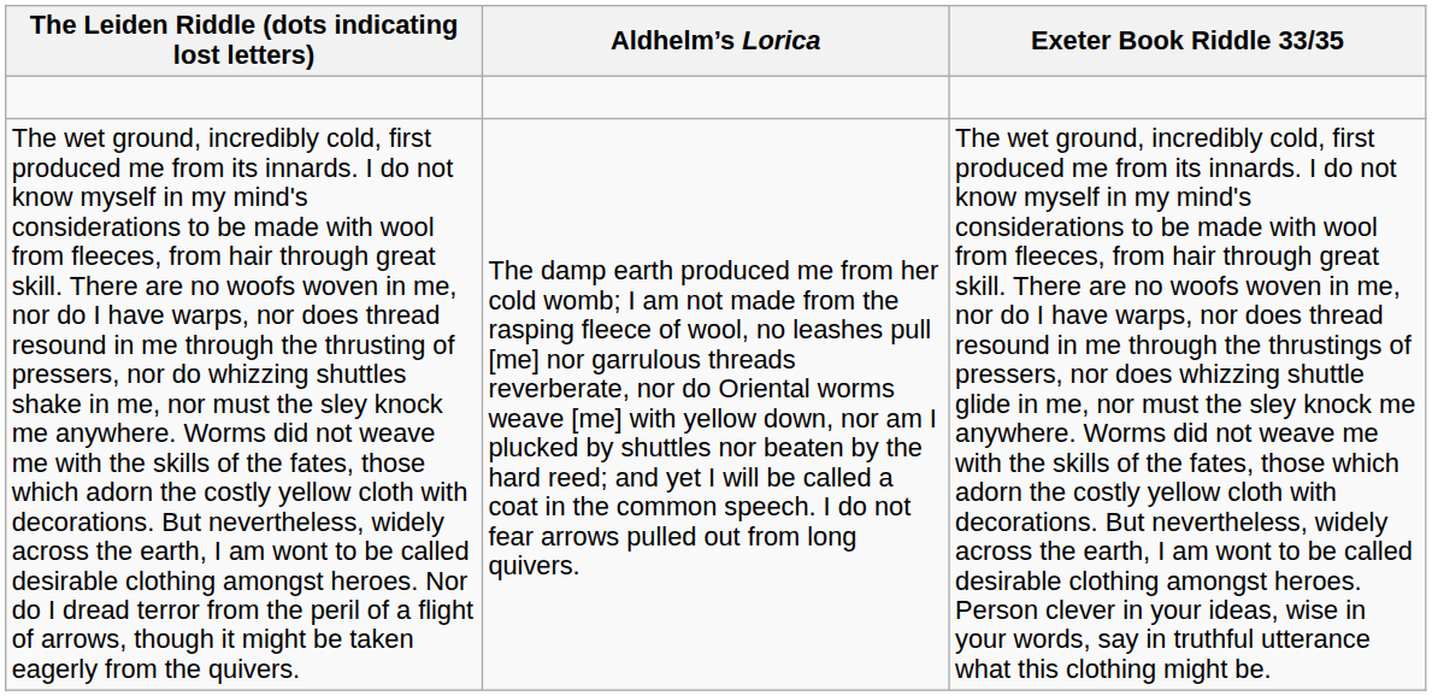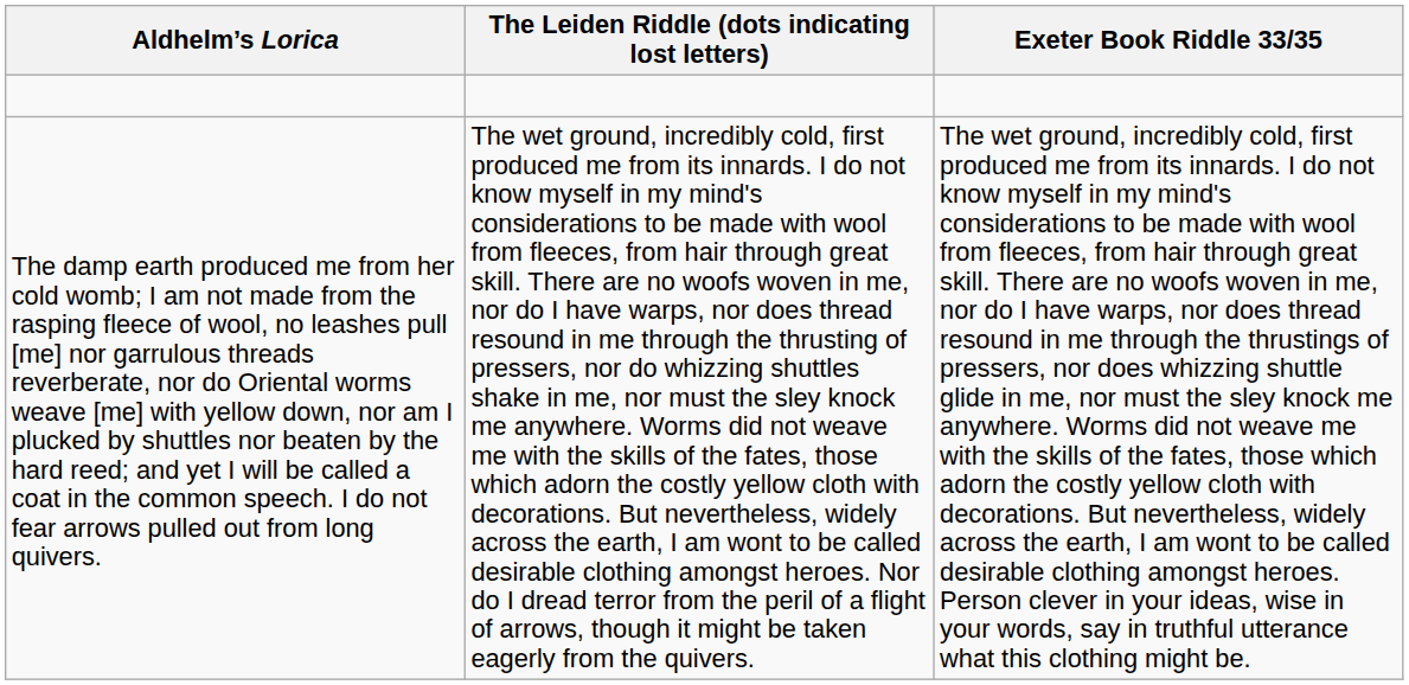 <table class="wikitable">
 <tr>
+<th>Aldhelm’s <em>Lorica</em></th>
 <th>The Leiden Riddle (dots indicating lost letters)</th>
-<th>Aldhelm’s <em>Lorica</em></th>
 <th>Exeter Book Riddle 33/35</th>
 </tr>
 <tr>
 <td style="width: 380px;"><br></td>
 <td style="width: 380px;"><br></td>
 <td style="width: 380px;"><br></td>
 </tr>
 <tr>
+<td><br>The damp earth produced me from her cold womb; I am not made from the rasping fleece of wool, no leashes pull [me] nor garrulous threads reverberate, nor do Oriental worms weave [me] with yellow down, nor am I plucked by shuttles nor beaten by the hard reed; and yet I will be called a coat in the common speech. I do not fear arrows pulled out from long quivers.</td>
 <td>The wet ground, incredibly cold, first produced me from its innards. I do not know myself in my mind's considerations to be made with wool from fleeces, from hair through great skill. There are no woofs woven in me, nor do I have warps, nor does thread resound in me through the thrusting of pressers, nor do whizzing shuttles shake in me, nor must the sley knock me anywhere. Worms did not weave me with the skills of the fates, those which adorn the costly yellow cloth with decorations. But nevertheless, widely across the earth, I am wont to be called desirable clothing amongst heroes. Nor do I dread terror from the peril of a flight of arrows, though it might be taken eagerly from the quivers.</td>
-<td><br>The damp earth produced me from her cold womb; I am not made from the rasping fleece of wool, no leashes pull [me] nor garrulous threads reverberate, nor do Oriental worms weave [me] with yellow down, nor am I plucked by shuttles nor beaten by the hard reed; and yet I will be called a coat in the common speech. I do not fear arrows pulled out from long quivers.</td>
 <td>The wet ground, incredibly cold, first produced me from its innards. I do not know myself in my mind's considerations to be made with wool from fleeces, from hair through great skill. There are no woofs woven in me, nor do I have warps, nor does thread resound in me through the thrustings of pressers, nor does whizzing shuttle glide in me, nor must the sley knock me anywhere. Worms did not weave me with the skills of the fates, those which adorn the costly yellow cloth with decorations. But nevertheless, widely across the earth, I am wont to be called desirable clothing amongst heroes. Person clever in your ideas, wise in your words, say in truthful utterance what this clothing might be.</td>
 </tr>
 </table>
